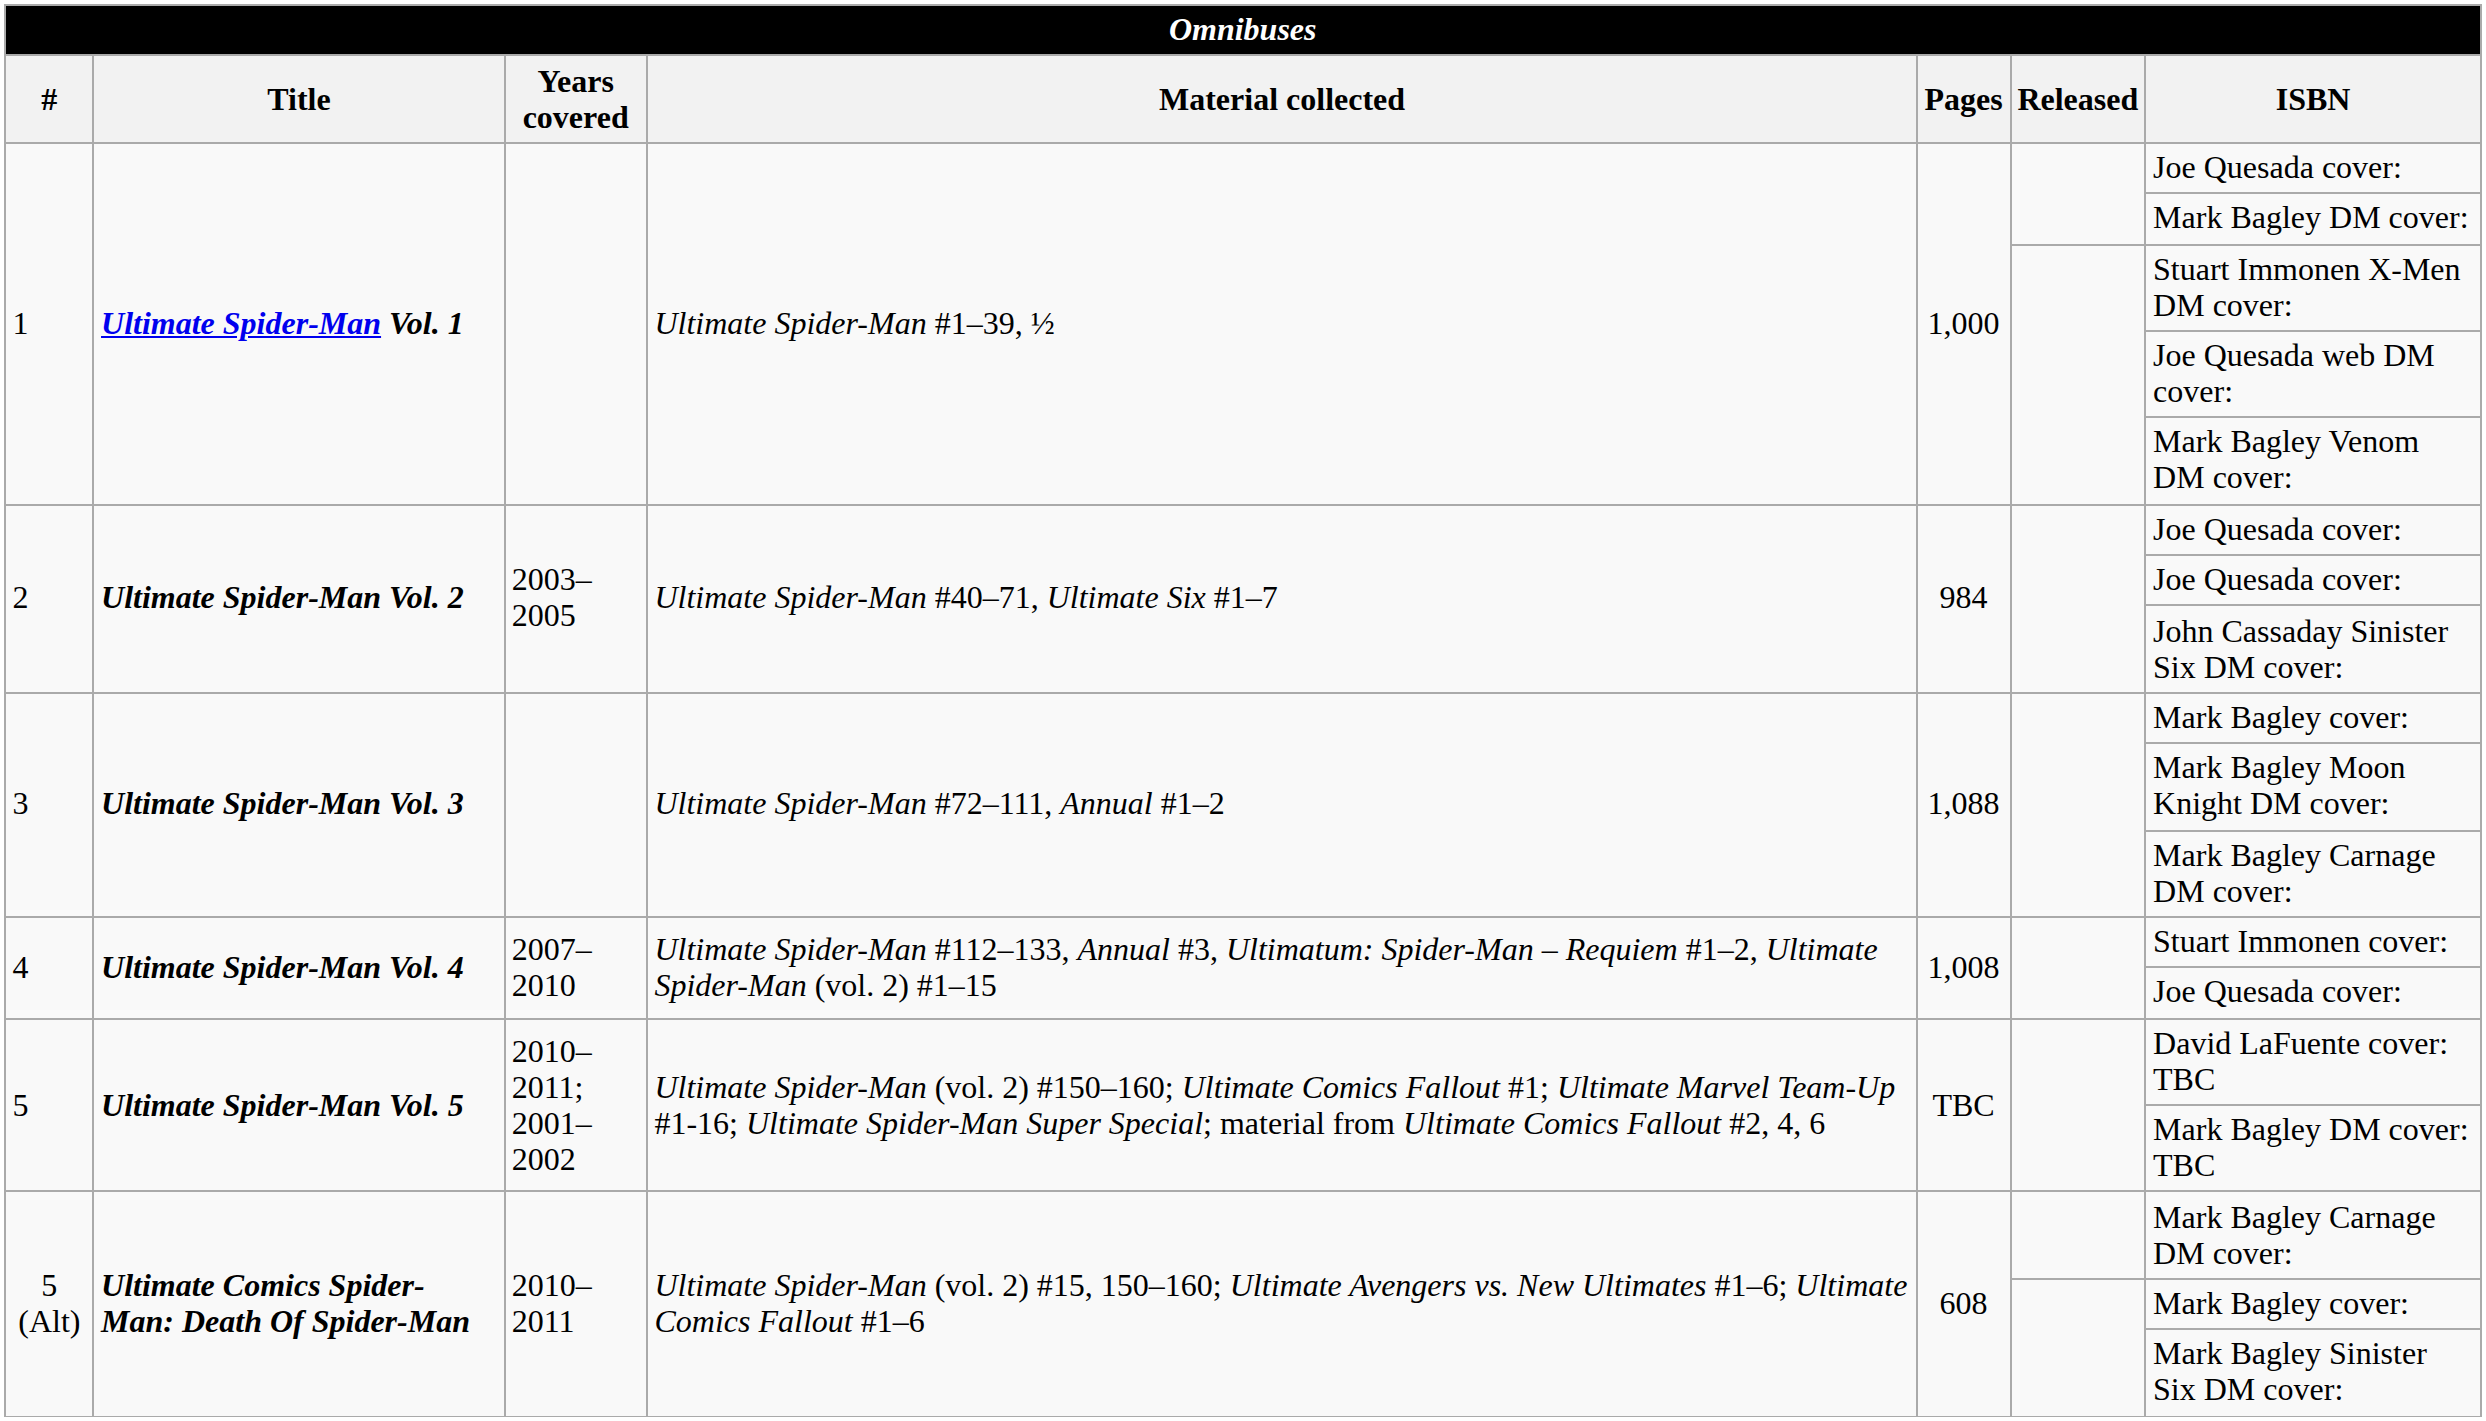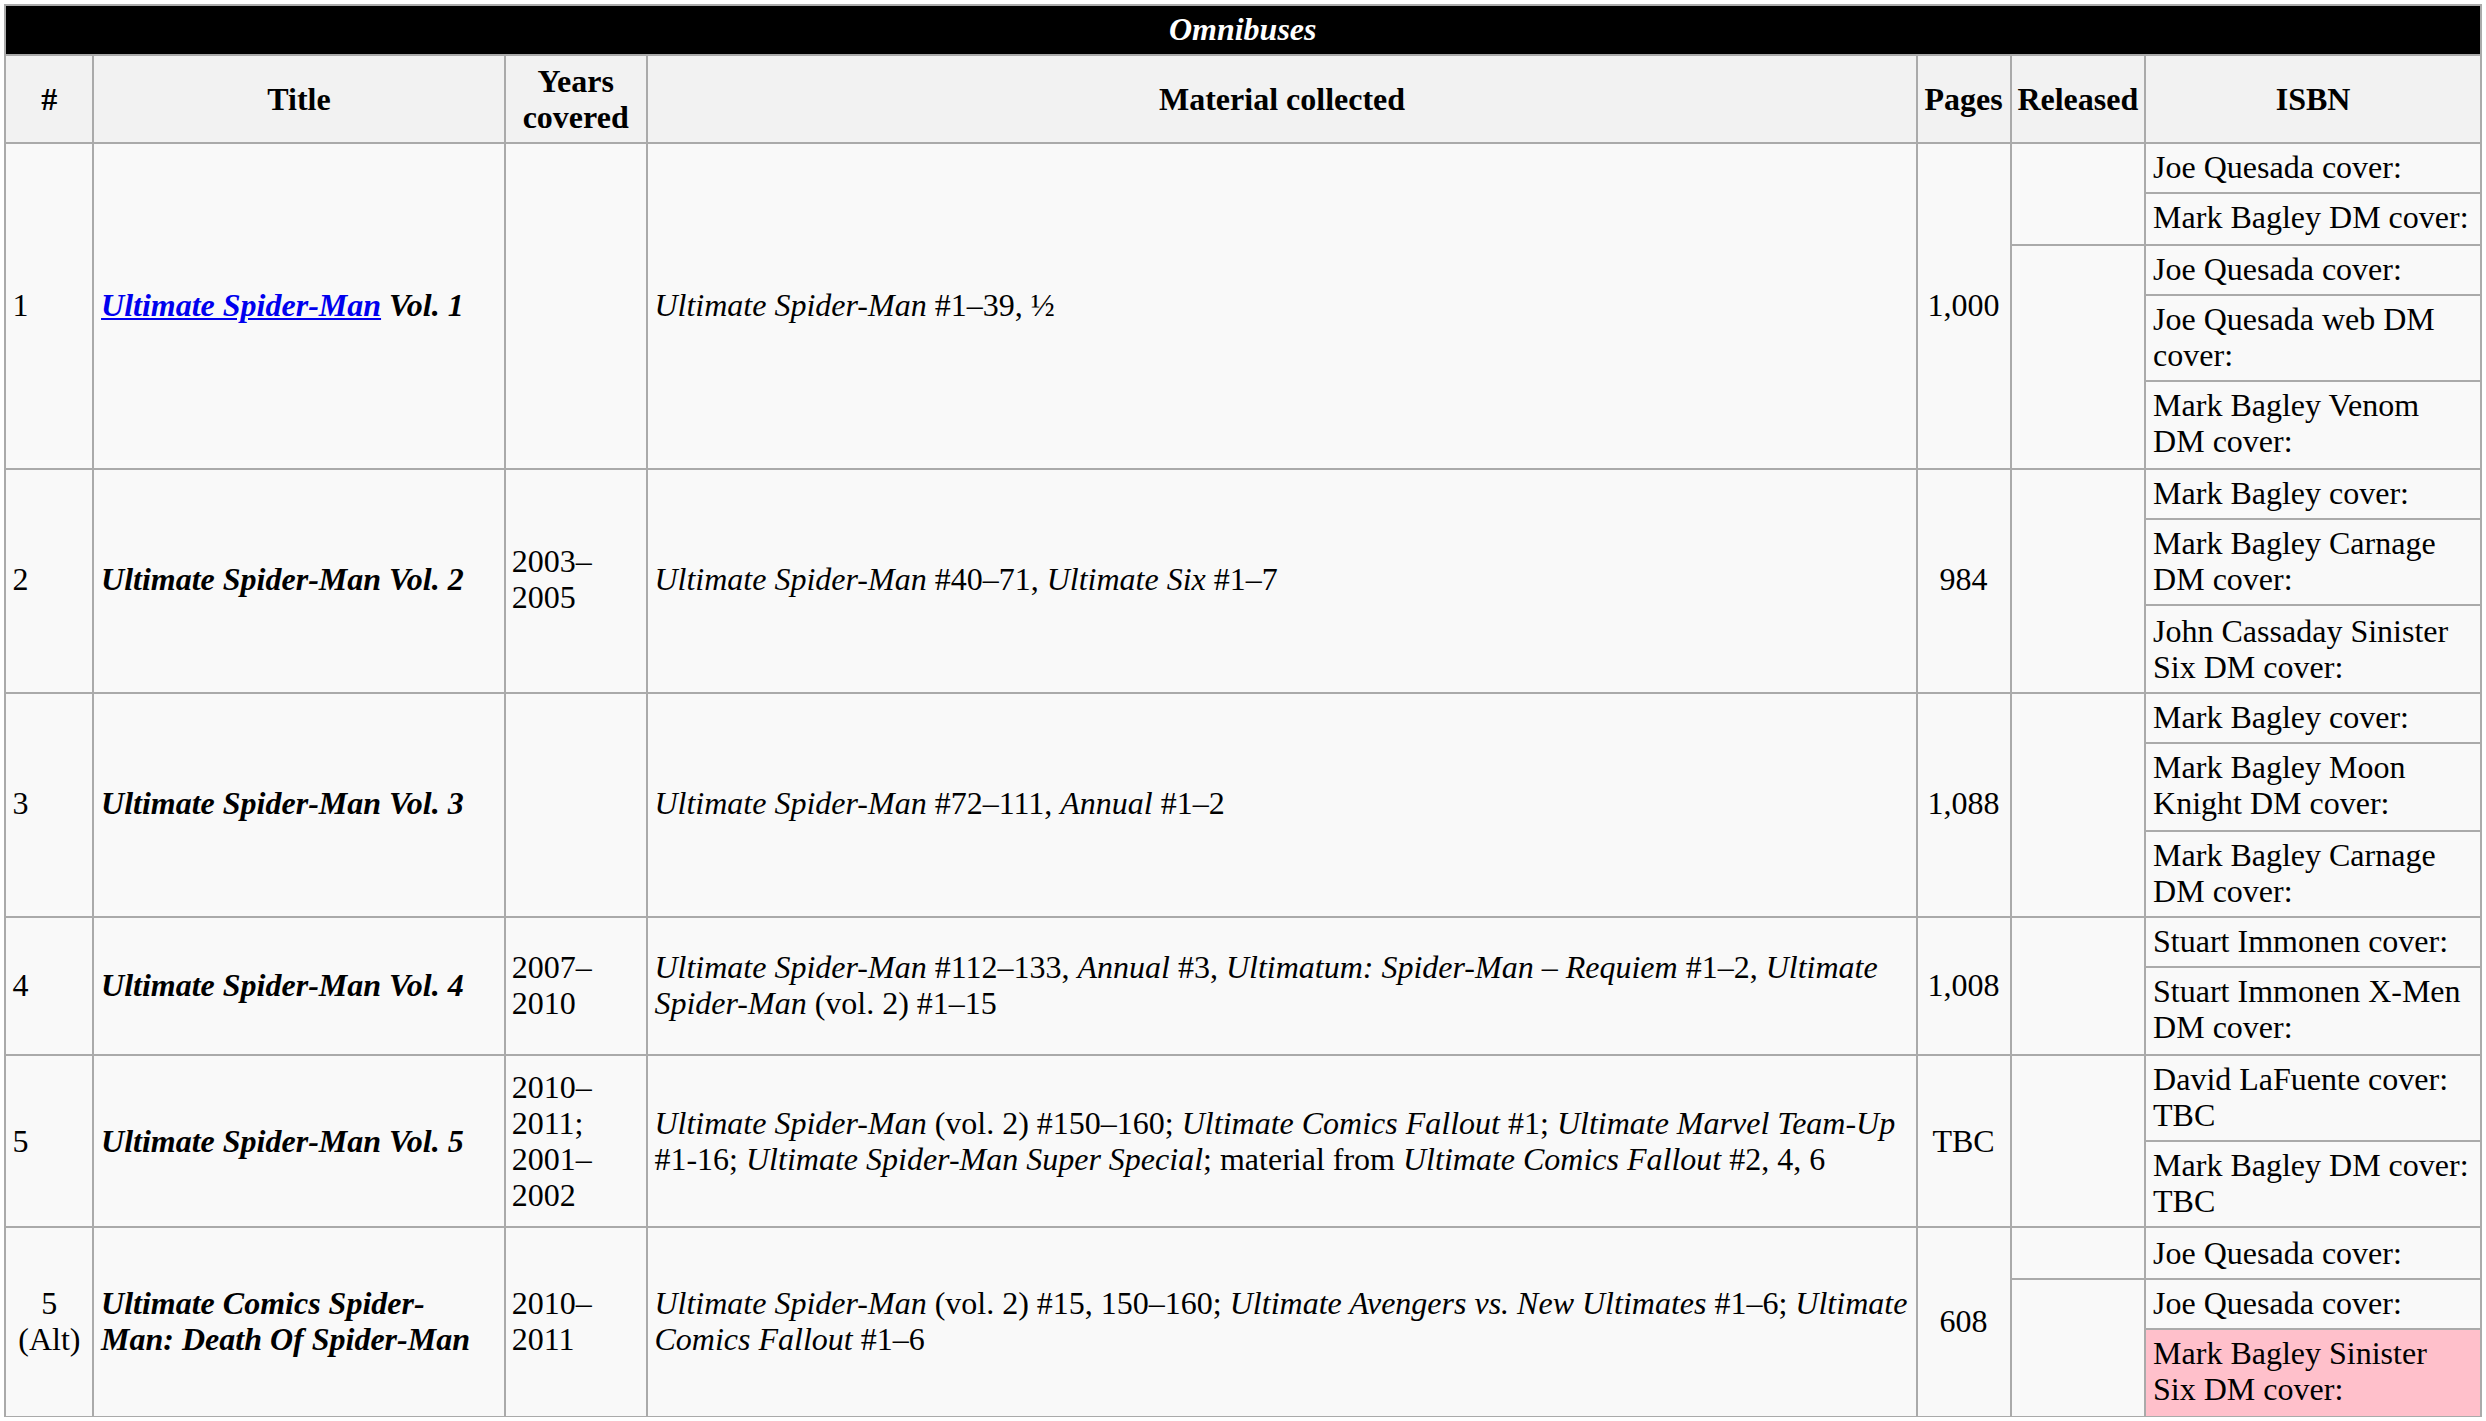 <table class="wikitable sortable" width=98%>
 <tr>
 <th colspan=7 style="background-color: black; color: white;"><em>Omnibuses</em></th>
 </tr>
 <tr>
 <th class="unsortable">#</th>
 <th class="unsortable">Title</th>
 <th style="width: 4em;">Years covered</th>
 <th>Material collected</th>
 <th>Pages</th>
 <th>Released</th>
 <th class="unsortable" style="width: 10em;">ISBN</th>
 </tr>
 <tr>
 <td rowspan="5">1</td>
 <td rowspan="5"><strong><em><a href='#'>Ultimate Spider-Man</a> Vol. 1</em></strong></td>
 <td rowspan="5"></td>
 <td rowspan="5"><em>Ultimate Spider-Man</em> #1–39, ½</td>
 <td style="text-align: center;" rowspan=5>1,000</td>
 <td rowspan="2"></td>
 <td>Joe Quesada cover: </td>
 </tr>
 <tr>
 <td>Mark Bagley DM cover: </td>
 </tr>
 <tr>
 <td rowspan="3"></td>
-<td>Stuart Immonen X-Men DM cover: </td>
+<td>Joe Quesada cover: </td>
 </tr>
 <tr>
 <td>Joe Quesada web DM cover: </td>
 </tr>
 <tr>
 <td>Mark Bagley Venom DM cover: </td>
 </tr>
 <tr>
 <td rowspan="3">2</td>
 <td rowspan="3"><strong><em>Ultimate Spider-Man Vol. 2</em></strong></td>
 <td rowspan="3">2003–2005</td>
 <td rowspan="3"><em>Ultimate Spider-Man</em> #40–71, <em>Ultimate Six</em> #1–7</td>
 <td style="text-align: center;" rowspan=3>984</td>
 <td rowspan="3"></td>
-<td>Joe Quesada cover: </td>
+<td>Mark Bagley cover: </td>
 </tr>
 <tr>
-<td>Joe Quesada cover: </td>
+<td>Mark Bagley Carnage DM cover: </td>
 </tr>
 <tr>
 <td>John Cassaday Sinister Six DM cover: </td>
 </tr>
 <tr>
 <td rowspan="3">3</td>
 <td rowspan="3"><strong><em>Ultimate Spider-Man Vol. 3</em></strong></td>
 <td rowspan="3"></td>
 <td rowspan="3"><em>Ultimate Spider-Man</em> #72–111, <em>Annual</em> #1–2</td>
 <td style="text-align: center;" rowspan=3>1,088</td>
 <td rowspan="3"></td>
 <td>Mark Bagley cover: </td>
 </tr>
 <tr>
 <td>Mark Bagley Moon Knight DM cover: </td>
 </tr>
 <tr>
 <td>Mark Bagley Carnage DM cover: </td>
 </tr>
 <tr>
 <td rowspan="2">4</td>
 <td rowspan="2"><strong><em>Ultimate Spider-Man Vol. 4</em></strong></td>
 <td rowspan="2">2007–2010</td>
 <td rowspan="2"><em>Ultimate Spider-Man</em> #112–133, <em>Annual</em> #3, <em>Ultimatum: Spider-Man – Requiem</em> #1–2, <em>Ultimate Spider-Man</em> (vol. 2) #1–15</td>
 <td style="text-align: center;" rowspan=2>1,008</td>
 <td rowspan="2"></td>
 <td>Stuart Immonen cover: </td>
 </tr>
 <tr>
-<td>Joe Quesada cover: </td>
+<td>Stuart Immonen X-Men DM cover: </td>
 </tr>
 <tr>
 <td rowspan="2">5</td>
 <td rowspan="2"><strong><em>Ultimate Spider-Man Vol. 5</em></strong></td>
 <td rowspan="2">2010–2011; 2001–2002</td>
 <td rowspan="2"><em>Ultimate Spider-Man</em> (vol. 2) #150–160; <em>Ultimate Comics Fallout</em> #1; <em>Ultimate Marvel Team-Up</em> #1-16; <em>Ultimate Spider-Man Super Special</em>; material from <em>Ultimate Comics Fallout</em> #2, 4, 6</td>
 <td style="text-align: center;" rowspan=2>TBC</td>
 <td rowspan="2"></td>
 <td>David LaFuente cover: TBC</td>
 </tr>
 <tr>
 <td>Mark Bagley DM cover: TBC</td>
 </tr>
 <tr>
 <td rowspan="3" style="text-align: center;">5 (Alt)</td>
 <td rowspan="3"><strong><em>Ultimate Comics Spider-Man: Death Of Spider-Man</em></strong></td>
 <td rowspan="3">2010–2011</td>
 <td rowspan="3"><em>Ultimate Spider-Man</em> (vol. 2) #15, 150–160; <em>Ultimate Avengers vs. New Ultimates</em> #1–6; <em>Ultimate Comics Fallout</em> #1–6</td>
 <td style="text-align: center;" rowspan=3>608</td>
 <td></td>
-<td>Mark Bagley Carnage DM cover: </td>
+<td>Joe Quesada cover: </td>
 </tr>
 <tr>
 <td rowspan="2"></td>
-<td>Mark Bagley cover: </td>
+<td>Joe Quesada cover: </td>
 </tr>
 <tr>
-<td>Mark Bagley Sinister Six DM cover: </td>
+<td style="background: pink;">Mark Bagley Sinister Six DM cover: </td>
 </tr>
 </table>
